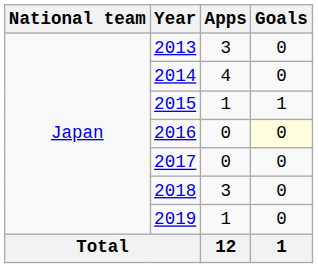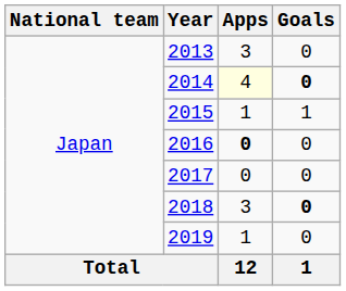 <table class="wikitable" style="text-align:center">
 <tr>
 <th>National team</th>
 <th>Year</th>
 <th>Apps</th>
 <th>Goals</th>
 </tr>
 <tr>
 <td rowspan="7"><a href='#'>Japan</a></td>
 <td><a href='#'>2013</a></td>
 <td>3</td>
 <td>0</td>
 </tr>
 <tr>
 <td><a href='#'>2014</a></td>
-<td>4</td>
-<td>0</td>
+<td style="background: lightyellow;">4</td>
+<td><strong>0</strong></td>
 </tr>
 <tr>
 <td><a href='#'>2015</a></td>
 <td>1</td>
 <td>1</td>
 </tr>
 <tr>
 <td><a href='#'>2016</a></td>
+<td><strong>0</strong></td>
 <td>0</td>
-<td style="background: lightyellow;">0</td>
 </tr>
 <tr>
 <td><a href='#'>2017</a></td>
 <td>0</td>
 <td>0</td>
 </tr>
 <tr>
 <td><a href='#'>2018</a></td>
 <td>3</td>
-<td>0</td>
+<td><strong>0</strong></td>
 </tr>
 <tr>
 <td><a href='#'>2019</a></td>
 <td>1</td>
 <td>0</td>
 </tr>
 <tr>
 <th colspan="2">Total</th>
 <th>12</th>
 <th>1</th>
 </tr>
 </table>
